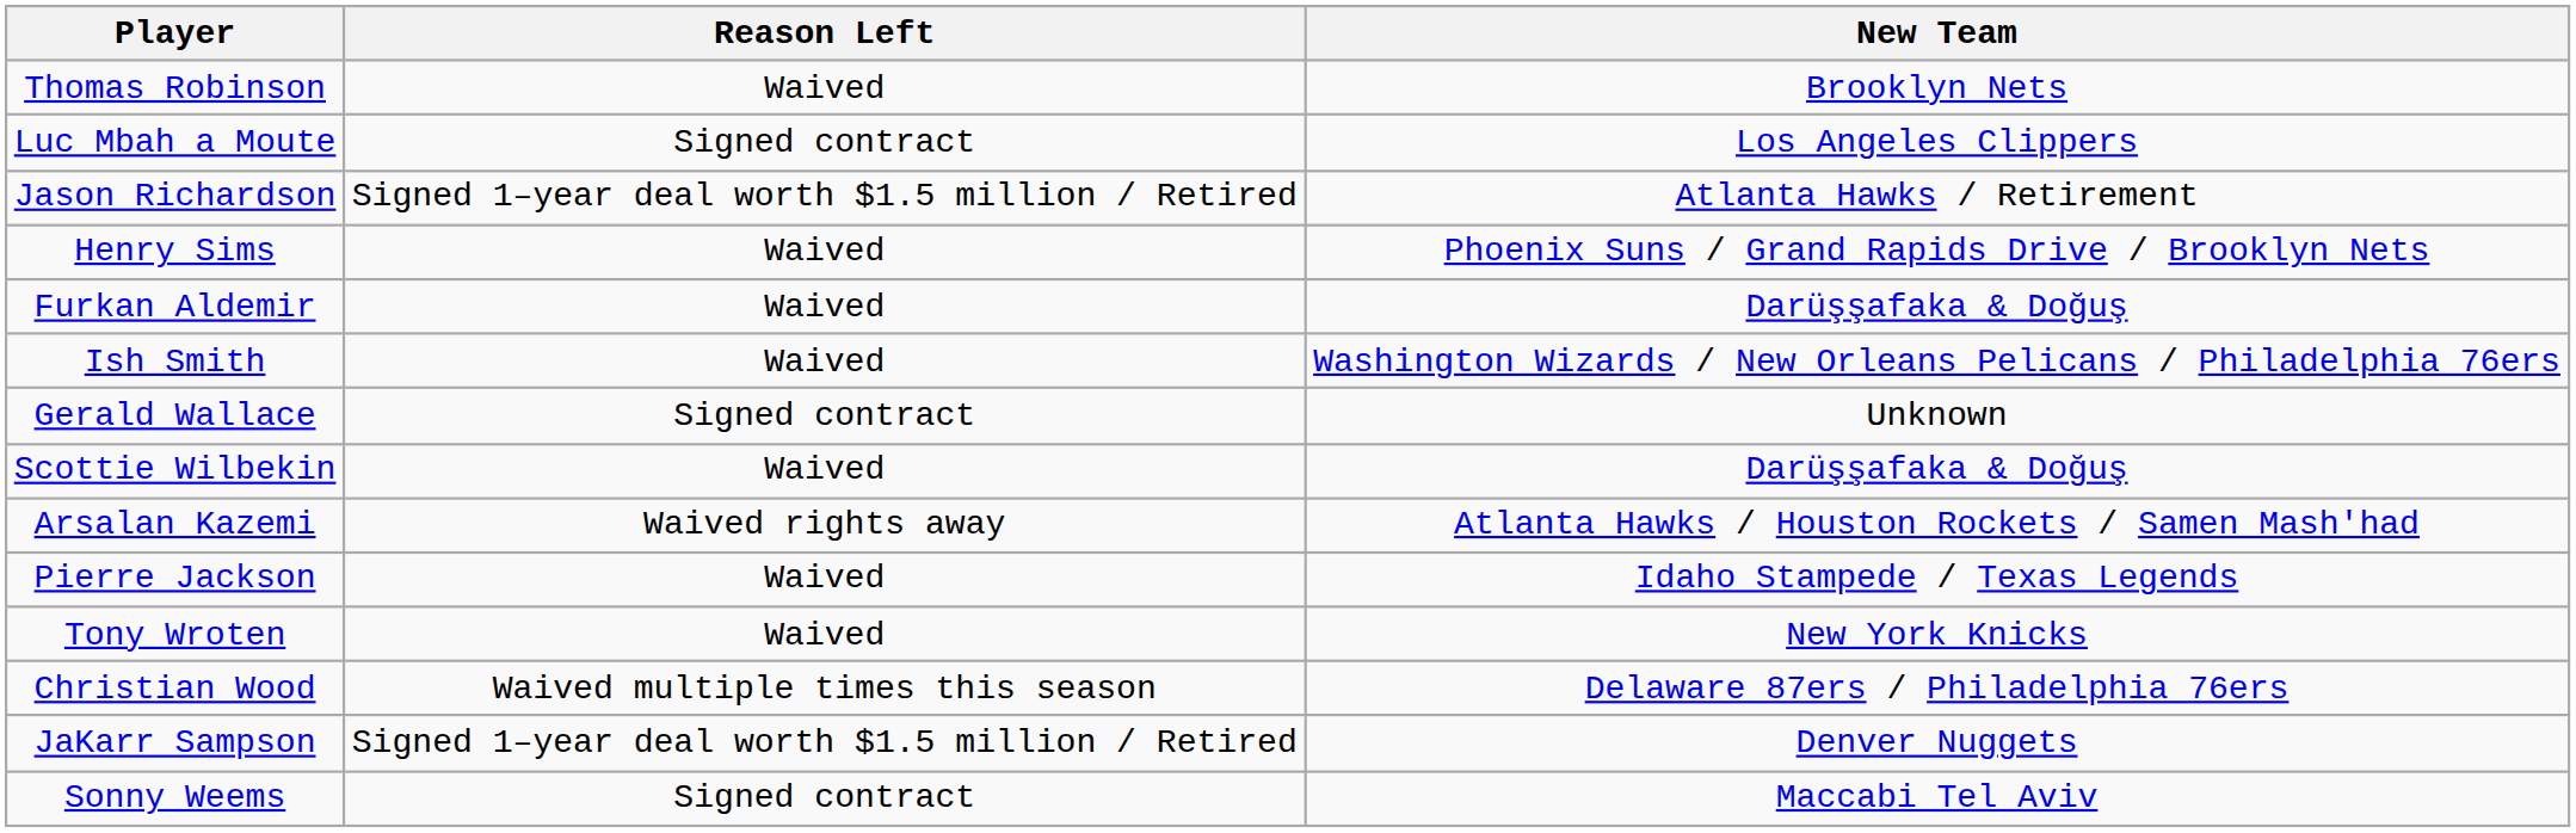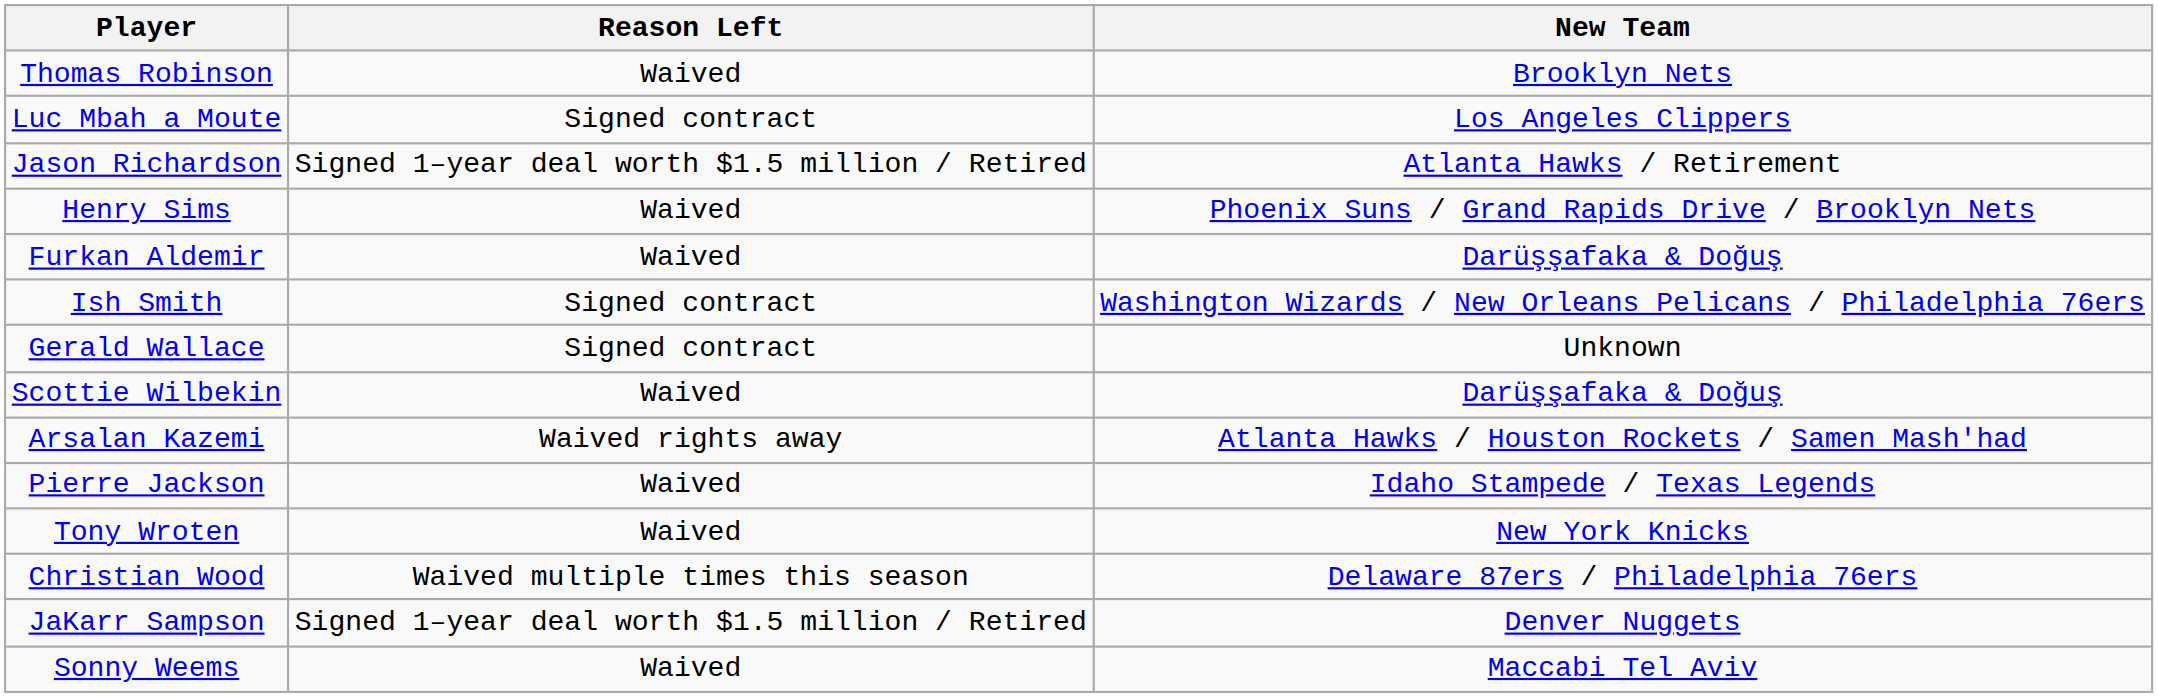 <table class="wikitable sortable sortable">
 <tr>
 <th>Player</th>
 <th>Reason Left</th>
 <th>New Team</th>
 </tr>
 <tr style="text-align: center">
 <td><a href='#'>Thomas Robinson</a></td>
 <td>Waived</td>
 <td><a href='#'>Brooklyn Nets</a></td>
 </tr>
 <tr style="text-align: center">
 <td><a href='#'>Luc Mbah a Moute</a></td>
 <td>Signed contract</td>
 <td><a href='#'>Los Angeles Clippers</a></td>
 </tr>
 <tr style="text-align: center">
 <td><a href='#'>Jason Richardson</a></td>
 <td>Signed 1–year deal worth $1.5 million / Retired</td>
 <td><a href='#'>Atlanta Hawks</a> / Retirement</td>
 </tr>
 <tr style="text-align: center">
 <td><a href='#'>Henry Sims</a></td>
 <td>Waived</td>
 <td><a href='#'>Phoenix Suns</a> / <a href='#'>Grand Rapids Drive</a> / <a href='#'>Brooklyn Nets</a></td>
 </tr>
 <tr style="text-align: center">
 <td><a href='#'>Furkan Aldemir</a></td>
 <td>Waived</td>
 <td> <a href='#'>Darüşşafaka & Doğuş</a></td>
 </tr>
 <tr style="text-align: center">
 <td><a href='#'>Ish Smith</a></td>
-<td>Waived</td>
+<td>Signed contract</td>
 <td><a href='#'>Washington Wizards</a> / <a href='#'>New Orleans Pelicans</a> / <a href='#'>Philadelphia 76ers</a></td>
 </tr>
 <tr style="text-align: center">
 <td><a href='#'>Gerald Wallace</a></td>
 <td>Signed contract</td>
 <td>Unknown</td>
 </tr>
 <tr style="text-align: center">
 <td><a href='#'>Scottie Wilbekin</a></td>
 <td>Waived</td>
 <td> <a href='#'>Darüşşafaka & Doğuş</a></td>
 </tr>
 <tr style="text-align: center">
 <td><a href='#'>Arsalan Kazemi</a></td>
 <td>Waived rights away</td>
 <td><a href='#'>Atlanta Hawks</a> / <a href='#'>Houston Rockets</a> /  <a href='#'>Samen Mash'had</a></td>
 </tr>
 <tr style="text-align: center">
 <td><a href='#'>Pierre Jackson</a></td>
 <td>Waived</td>
 <td><a href='#'>Idaho Stampede</a> / <a href='#'>Texas Legends</a></td>
 </tr>
 <tr style="text-align: center">
 <td><a href='#'>Tony Wroten</a></td>
 <td>Waived</td>
 <td><a href='#'>New York Knicks</a></td>
 </tr>
 <tr style="text-align: center">
 <td><a href='#'>Christian Wood</a></td>
 <td>Waived multiple times this season</td>
 <td><a href='#'>Delaware 87ers</a> / <a href='#'>Philadelphia 76ers</a></td>
 </tr>
 <tr style="text-align: center">
 <td><a href='#'>JaKarr Sampson</a></td>
 <td>Signed 1–year deal worth $1.5 million / Retired</td>
 <td><a href='#'>Denver Nuggets</a></td>
 </tr>
 <tr style="text-align: center">
 <td><a href='#'>Sonny Weems</a></td>
-<td>Signed contract</td>
+<td>Waived</td>
 <td> <a href='#'>Maccabi Tel Aviv</a></td>
 </tr>
 </table>
